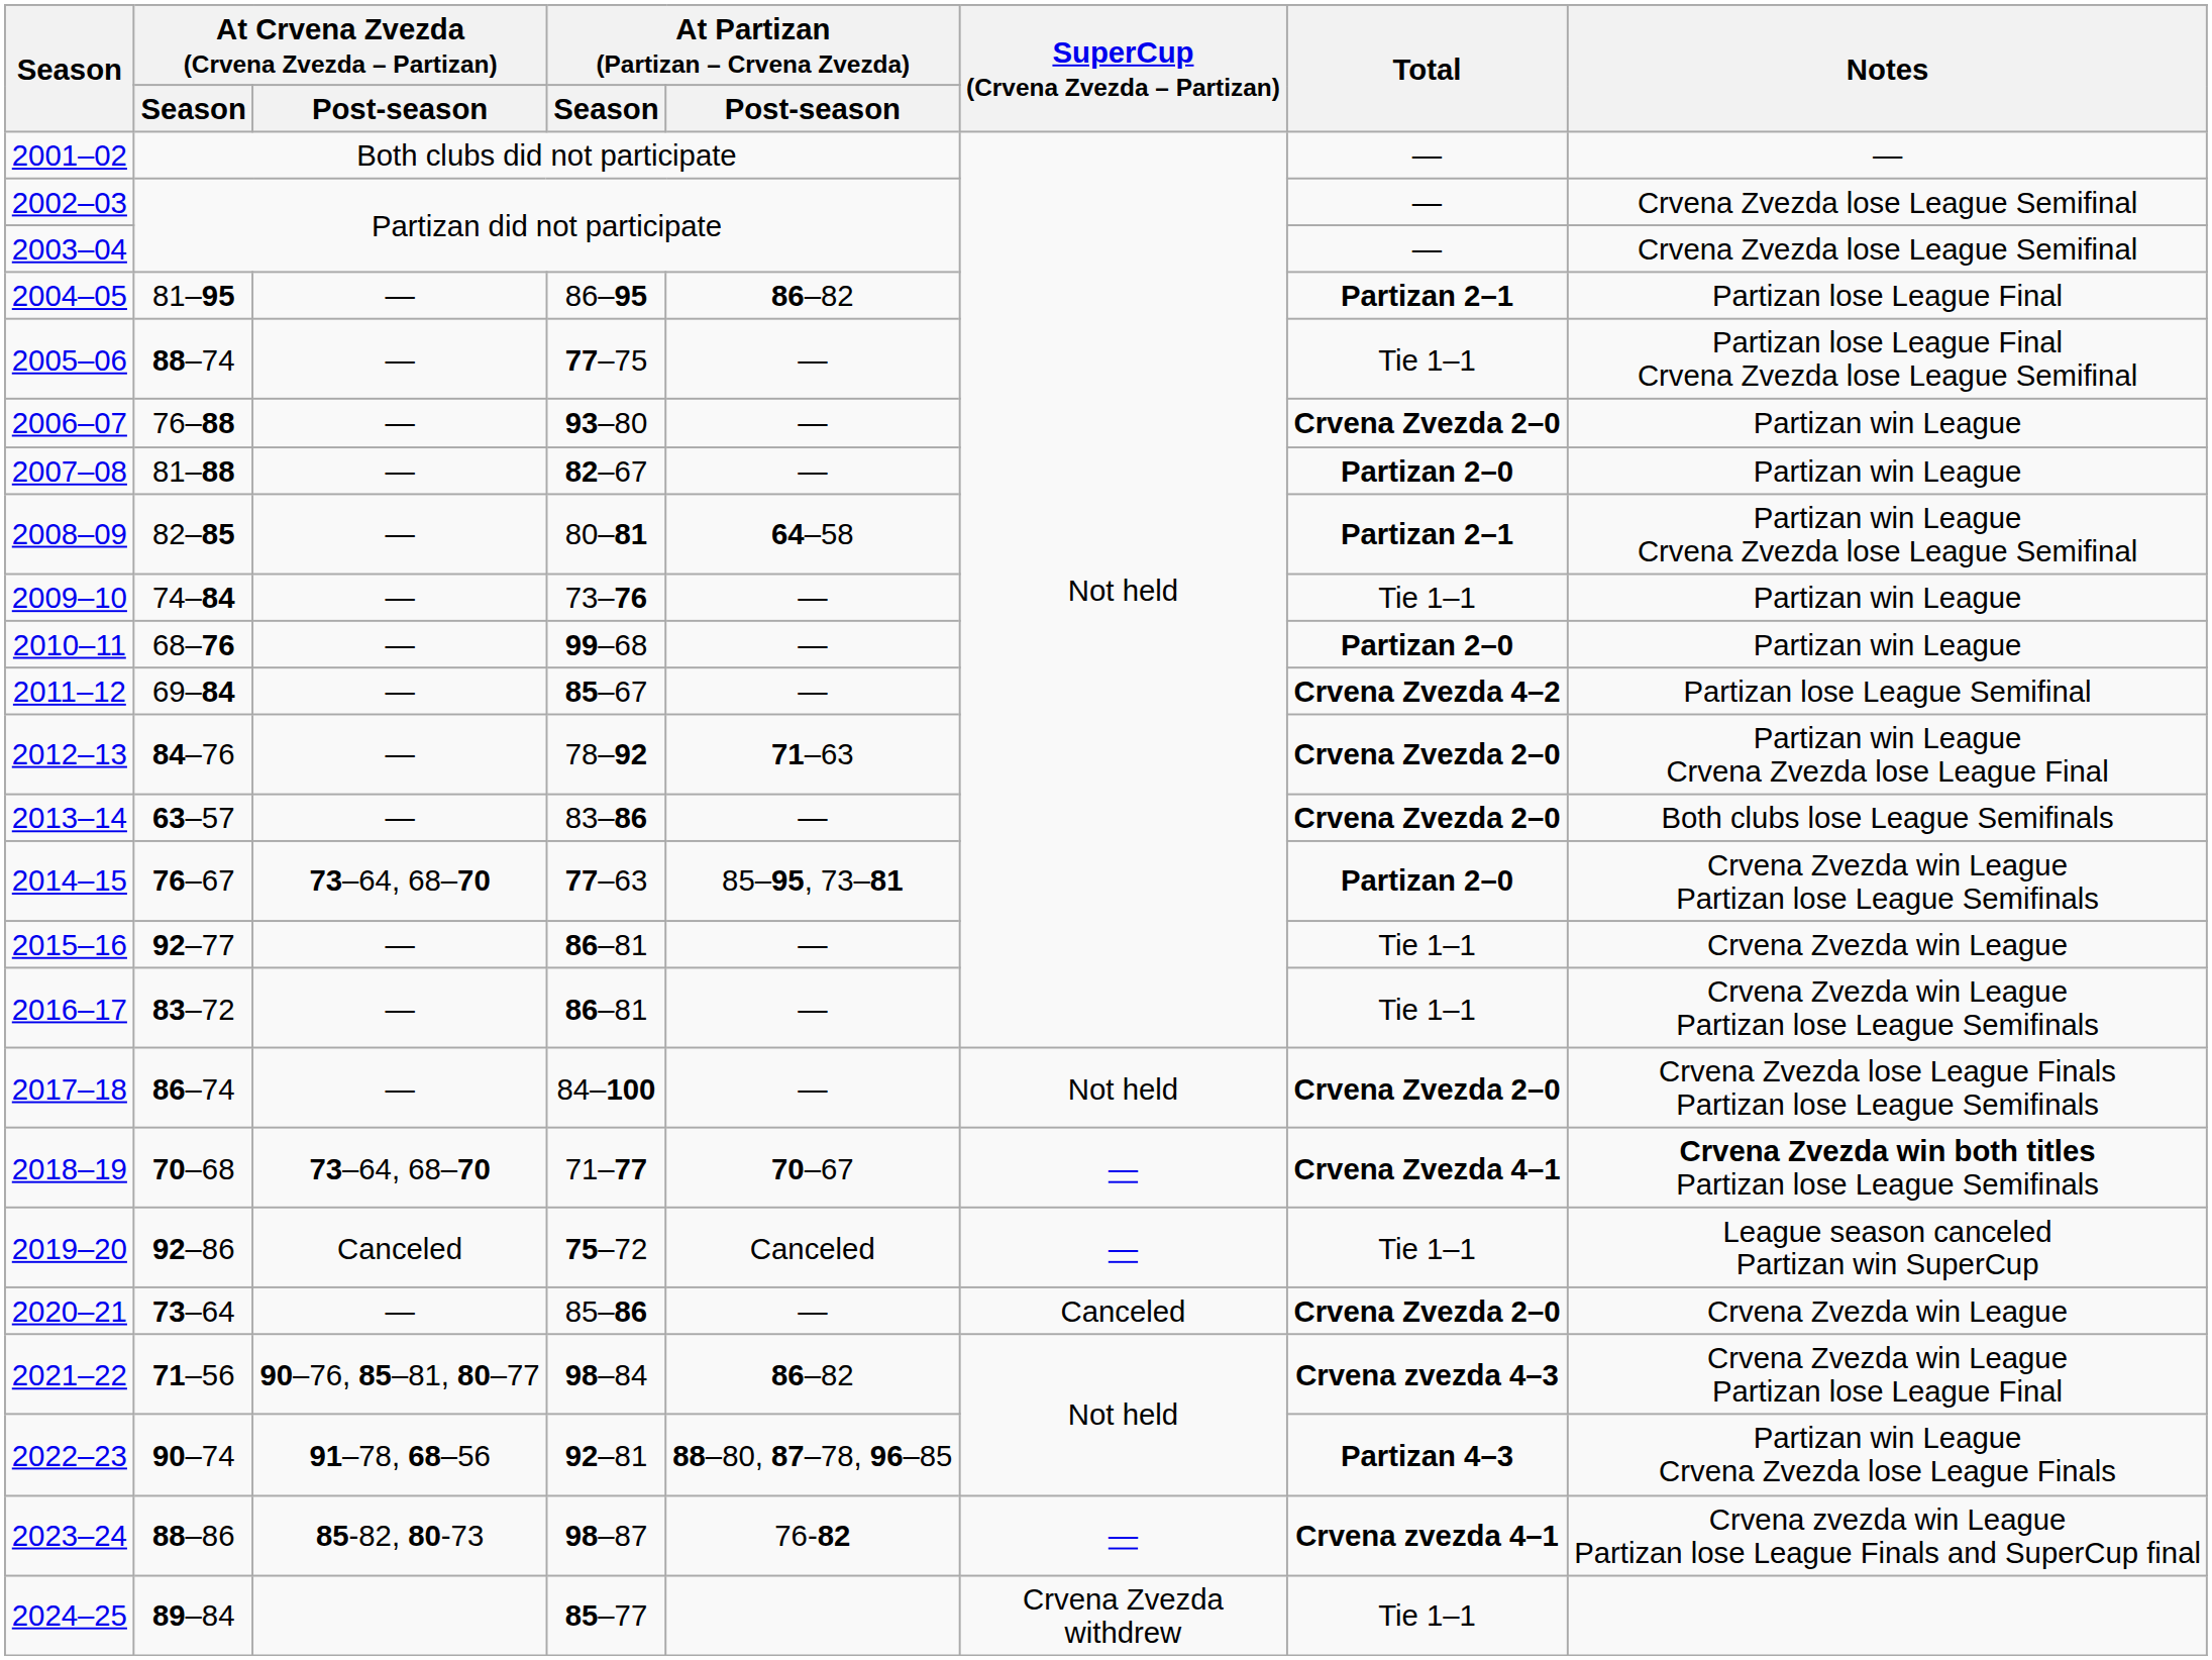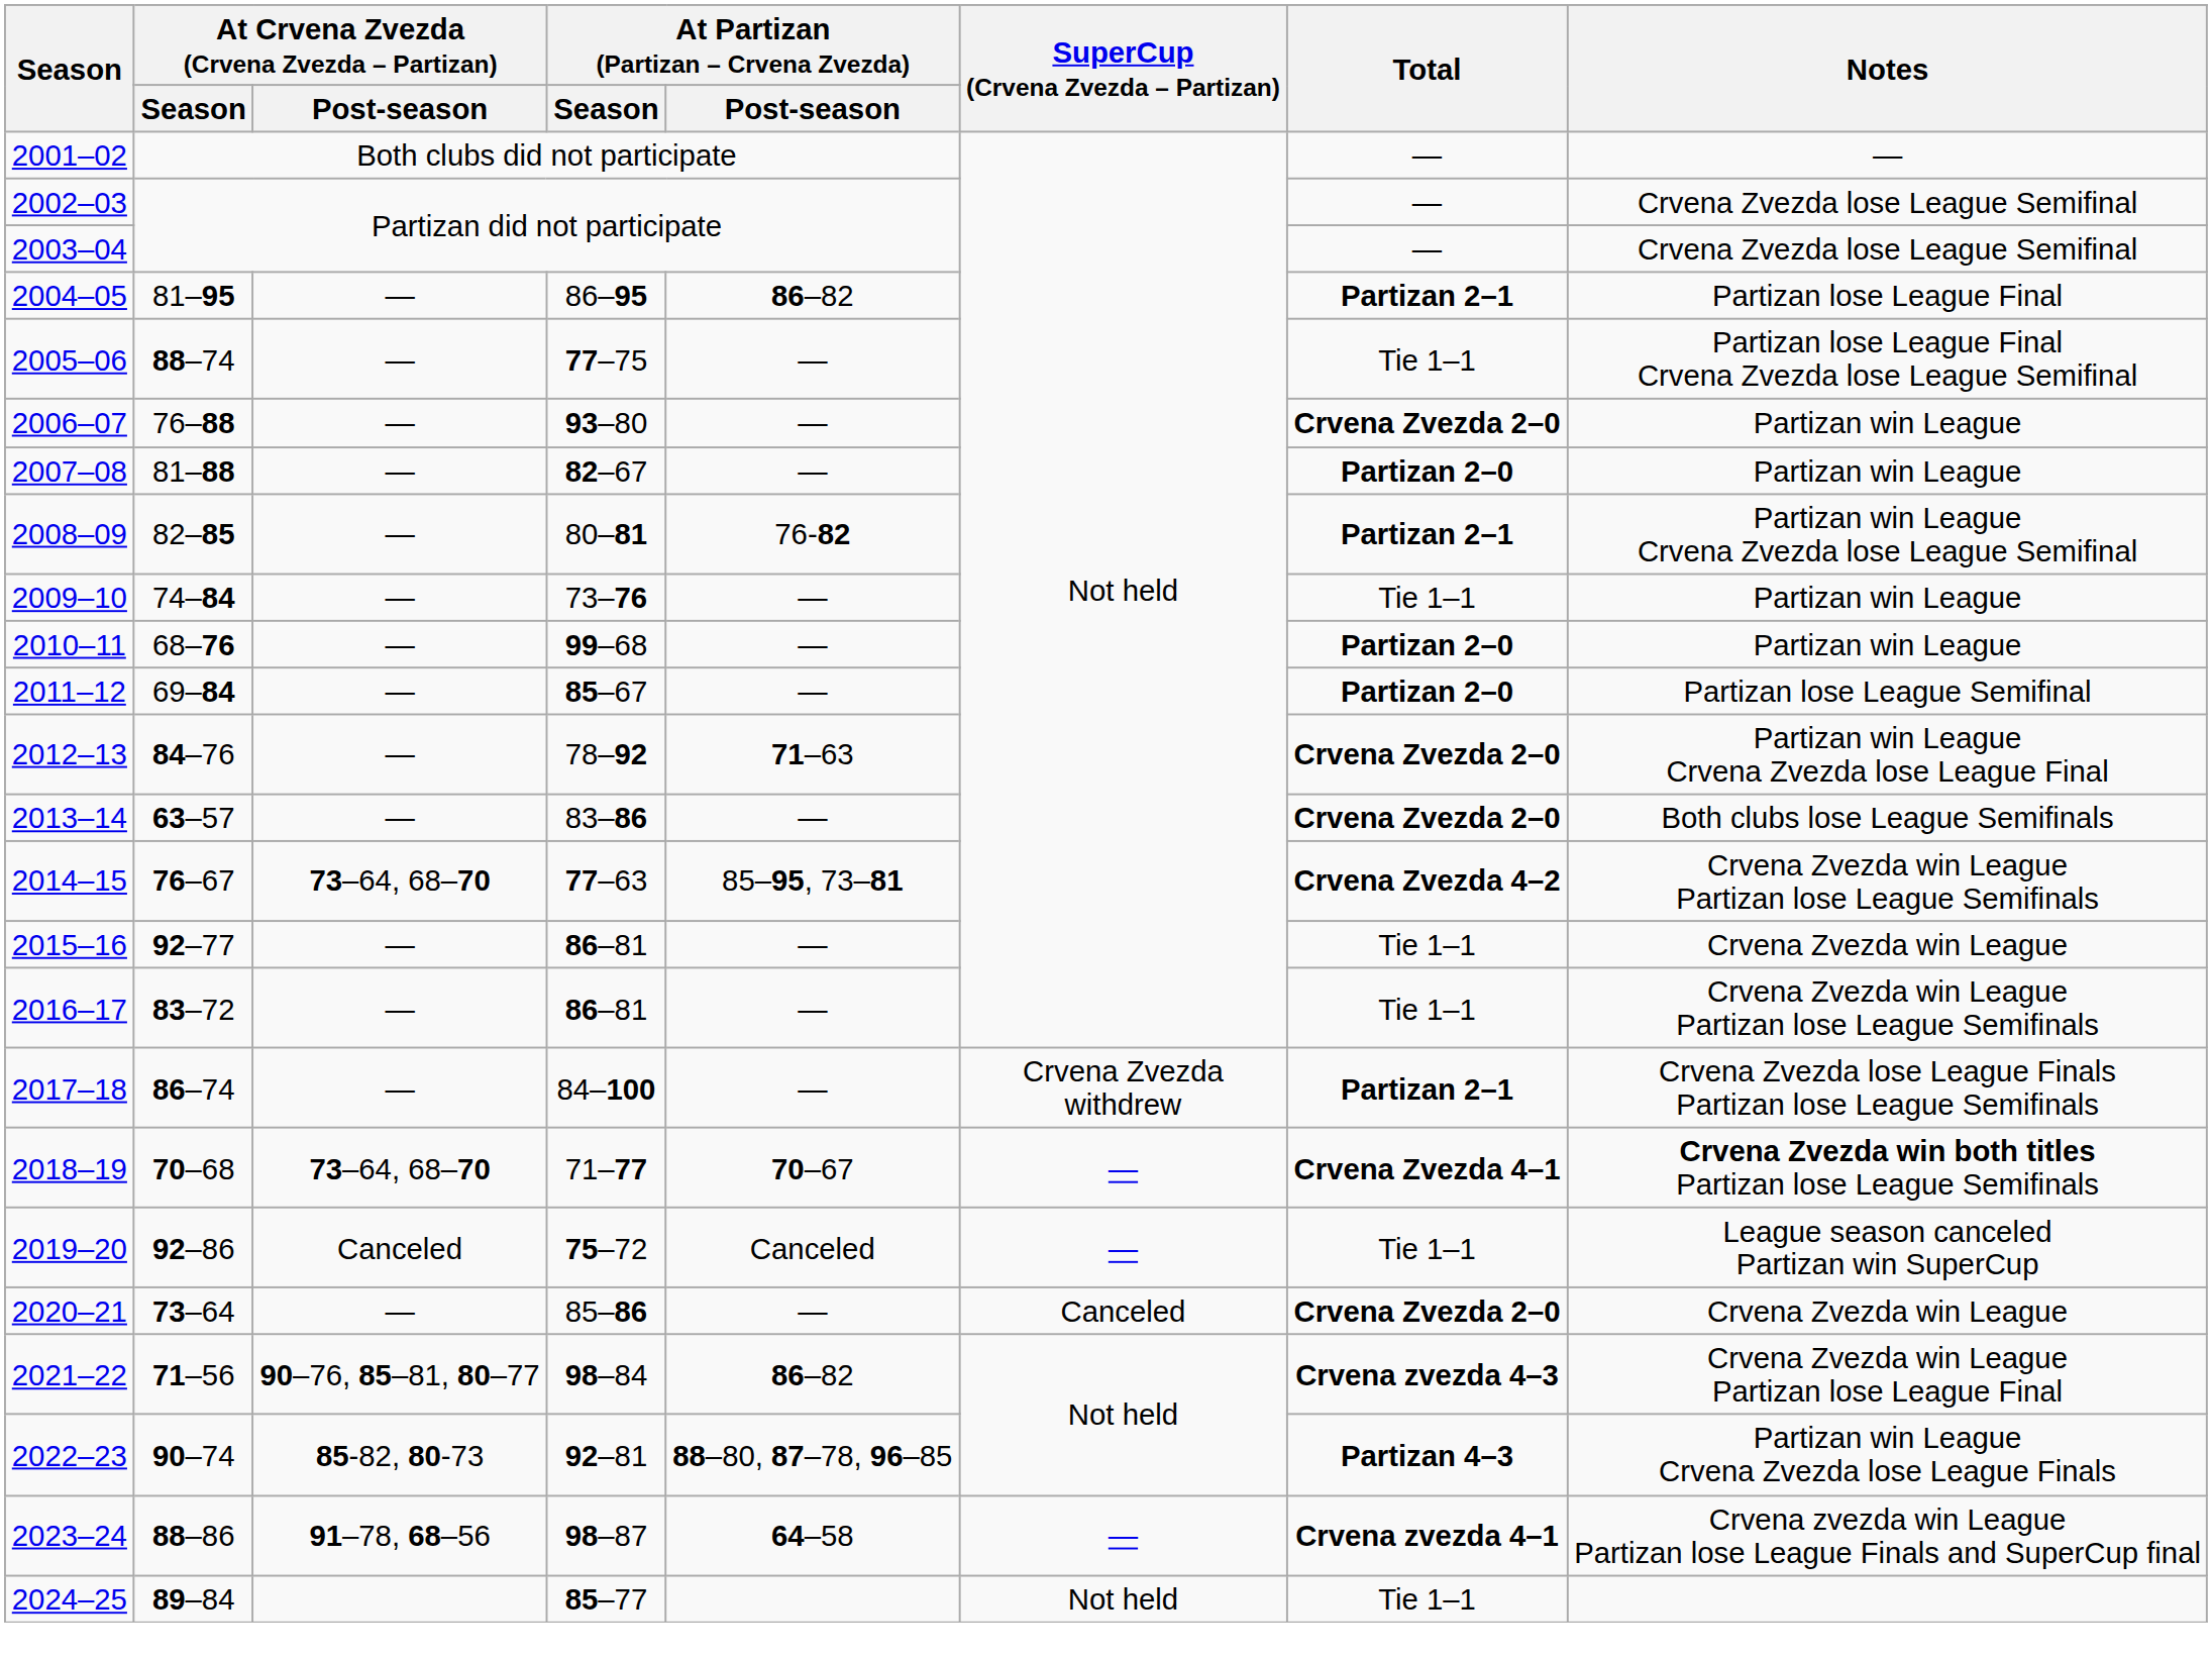 <table class="wikitable" style="text-align: center; font-size:95%">
 <tr>
 <th rowspan=2>Season</th>
 <th colspan=2>At Crvena Zvezda<br><small>(Crvena Zvezda – Partizan)</small></th>
 <th colspan=2>At Partizan<br><small>(Partizan – Crvena Zvezda)</small></th>
 <th rowspan=2><a href='#'>SuperCup</a><br><small>(Crvena Zvezda – Partizan)</small></th>
 <th rowspan=2>Total</th>
 <th rowspan=2>Notes</th>
 </tr>
 <tr>
 <th>Season</th>
 <th>Post-season</th>
 <th>Season</th>
 <th>Post-season</th>
 </tr>
 <tr>
 <td><a href='#'>2001–02</a></td>
 <td colspan=4 align="center">Both clubs did not participate</td>
 <td rowspan=16>Not held</td>
 <td>—</td>
 <td>—</td>
 </tr>
 <tr>
 <td><a href='#'>2002–03</a></td>
 <td colspan=4 rowspan=2 align="center">Partizan did not participate</td>
 <td>—</td>
 <td>Crvena Zvezda lose League Semifinal</td>
 </tr>
 <tr>
 <td><a href='#'>2003–04</a></td>
 <td>—</td>
 <td>Crvena Zvezda lose League Semifinal</td>
 </tr>
 <tr>
 <td><a href='#'>2004–05</a></td>
 <td>81–<strong>95</strong></td>
 <td>—</td>
 <td>86–<strong>95</strong></td>
 <td><strong>86</strong>–82</td>
 <td><strong>Partizan 2–1</strong></td>
 <td>Partizan lose League Final</td>
 </tr>
 <tr>
 <td><a href='#'>2005–06</a></td>
 <td><strong>88</strong>–74</td>
 <td>—</td>
 <td><strong>77</strong>–75</td>
 <td>—</td>
 <td>Tie 1–1</td>
 <td>Partizan lose League Final<br>Crvena Zvezda lose League Semifinal</td>
 </tr>
 <tr>
 <td><a href='#'>2006–07</a></td>
 <td>76–<strong>88</strong></td>
 <td>—</td>
 <td><strong>93</strong>–80</td>
 <td>—</td>
 <td><strong>Crvena Zvezda 2–0</strong></td>
 <td>Partizan win League</td>
 </tr>
 <tr>
 <td><a href='#'>2007–08</a></td>
 <td>81–<strong>88</strong></td>
 <td>—</td>
 <td><strong>82</strong>–67</td>
 <td>—</td>
 <td><strong>Partizan 2–0</strong></td>
 <td>Partizan win League</td>
 </tr>
 <tr>
 <td><a href='#'>2008–09</a></td>
 <td>82–<strong>85</strong></td>
 <td>—</td>
 <td>80–<strong>81</strong></td>
-<td><strong>64</strong>–58</td>
+<td>76-<strong>82</strong></td>
 <td><strong>Partizan 2–1</strong></td>
 <td>Partizan win League<br>Crvena Zvezda lose League Semifinal</td>
 </tr>
 <tr>
 <td><a href='#'>2009–10</a></td>
 <td>74–<strong>84</strong></td>
 <td>—</td>
 <td>73–<strong>76</strong></td>
 <td>—</td>
 <td>Tie 1–1</td>
 <td>Partizan win League</td>
 </tr>
 <tr>
 <td><a href='#'>2010–11</a></td>
 <td>68–<strong>76</strong></td>
 <td>—</td>
 <td><strong>99</strong>–68</td>
 <td>—</td>
 <td><strong>Partizan 2–0</strong></td>
 <td>Partizan win League</td>
 </tr>
 <tr>
 <td><a href='#'>2011–12</a></td>
 <td>69–<strong>84</strong></td>
 <td>—</td>
 <td><strong>85</strong>–67</td>
 <td>—</td>
-<td><strong>Crvena Zvezda 4–2</strong></td>
+<td><strong>Partizan 2–0</strong></td>
 <td>Partizan lose League Semifinal</td>
 </tr>
 <tr>
 <td><a href='#'>2012–13</a></td>
 <td><strong>84</strong>–76</td>
 <td>—</td>
 <td>78–<strong>92</strong></td>
 <td><strong>71</strong>–63</td>
 <td><strong>Crvena Zvezda 2–0</strong></td>
 <td>Partizan win League<br>Crvena Zvezda lose League Final</td>
 </tr>
 <tr>
 <td><a href='#'>2013–14</a></td>
 <td><strong>63</strong>–57</td>
 <td>—</td>
 <td>83–<strong>86</strong></td>
 <td>—</td>
 <td><strong>Crvena Zvezda 2–0</strong></td>
 <td>Both clubs lose League Semifinals</td>
 </tr>
 <tr>
 <td><a href='#'>2014–15</a></td>
 <td><strong>76</strong>–67</td>
 <td><strong>73</strong>–64, 68–<strong>70</strong></td>
 <td><strong>77</strong>–63</td>
 <td>85–<strong>95</strong>, 73–<strong>81</strong></td>
-<td><strong>Partizan 2–0</strong></td>
+<td><strong>Crvena Zvezda 4–2</strong></td>
 <td>Crvena Zvezda win League<br>Partizan lose League Semifinals</td>
 </tr>
 <tr>
 <td><a href='#'>2015–16</a></td>
 <td><strong>92</strong>–77</td>
 <td>—</td>
 <td><strong>86</strong>–81</td>
 <td>—</td>
 <td>Tie 1–1</td>
 <td>Crvena Zvezda win League</td>
 </tr>
 <tr>
 <td><a href='#'>2016–17</a></td>
 <td><strong>83</strong>–72</td>
 <td>—</td>
 <td><strong>86</strong>–81</td>
 <td>—</td>
 <td>Tie 1–1</td>
 <td>Crvena Zvezda win League<br>Partizan lose League Semifinals</td>
 </tr>
 <tr>
 <td><a href='#'>2017–18</a></td>
 <td><strong>86</strong>–74</td>
 <td>—</td>
 <td>84–<strong>100</strong></td>
 <td>—</td>
-<td>Not held</td>
-<td><strong>Crvena Zvezda 2–0</strong></td>
+<td>Crvena Zvezda<br>withdrew </td>
+<td><strong>Partizan 2–1</strong></td>
 <td>Crvena Zvezda lose League Finals<br>Partizan lose League Semifinals</td>
 </tr>
 <tr>
 <td><a href='#'>2018–19</a></td>
 <td><strong>70</strong>–68</td>
 <td><strong>73</strong>–64, 68–<strong>70</strong></td>
 <td>71–<strong>77</strong></td>
 <td><strong>70</strong>–67</td>
 <td><a href='#'>—</a></td>
 <td><strong>Crvena Zvezda 4–1</strong></td>
 <td><strong>Crvena Zvezda win both titles</strong><br>Partizan lose League Semifinals</td>
 </tr>
 <tr>
 <td><a href='#'>2019–20</a></td>
 <td><strong>92</strong>–86</td>
 <td>Canceled</td>
 <td><strong>75</strong>–72</td>
 <td>Canceled</td>
 <td><a href='#'>—</a></td>
 <td>Tie 1–1</td>
 <td>League season canceled<br>Partizan win SuperCup</td>
 </tr>
 <tr>
 <td><a href='#'>2020–21</a></td>
 <td><strong>73</strong>–64</td>
 <td>—</td>
 <td>85–<strong>86</strong></td>
 <td>—</td>
 <td>Canceled</td>
 <td><strong>Crvena Zvezda 2–0</strong></td>
 <td>Crvena Zvezda win League</td>
 </tr>
 <tr>
 <td><a href='#'>2021–22</a></td>
 <td><strong>71</strong>–56</td>
 <td><strong>90</strong>–76, <strong>85</strong>–81, <strong>80</strong>–77</td>
 <td><strong>98</strong>–84</td>
 <td><strong>86</strong>–82</td>
 <td rowspan=2>Not held</td>
 <td><strong>Crvena zvezda 4–3</strong></td>
 <td>Crvena Zvezda win League<br>Partizan lose League Final</td>
 </tr>
 <tr>
 <td><a href='#'>2022–23</a></td>
 <td><strong>90</strong>–74</td>
-<td><strong>91</strong>–78, <strong>68</strong>–56</td>
+<td><strong>85</strong>-82, <strong>80</strong>-73</td>
 <td><strong>92</strong>–81</td>
 <td><strong>88</strong>–80, <strong>87</strong>–78, <strong>96</strong>–85</td>
 <td><strong>Partizan 4–3</strong></td>
 <td>Partizan win League<br>Crvena Zvezda lose League Finals</td>
 </tr>
 <tr>
 <td><a href='#'>2023–24</a></td>
 <td><strong>88</strong>–86</td>
-<td><strong>85</strong>-82, <strong>80</strong>-73</td>
+<td><strong>91</strong>–78, <strong>68</strong>–56</td>
 <td><strong>98</strong>–87</td>
-<td>76-<strong>82</strong></td>
+<td><strong>64</strong>–58</td>
 <td><a href='#'>—</a></td>
 <td><strong>Crvena zvezda 4–1</strong></td>
 <td>Crvena zvezda win League<br>Partizan lose League Finals and SuperCup final</td>
 </tr>
 <tr>
 <td><a href='#'>2024–25</a></td>
 <td><strong>89</strong>–84</td>
 <td></td>
 <td><strong>85</strong>–77</td>
 <td></td>
-<td>Crvena Zvezda<br>withdrew </td>
+<td>Not held</td>
 <td>Tie 1–1</td>
 <td></td>
 </tr>
 <tr>
 </tr>
 </table>
